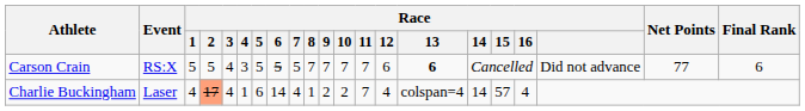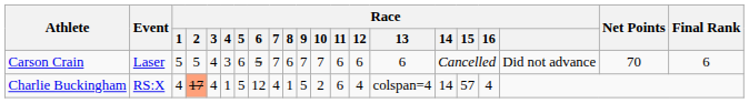 <table class="wikitable" style="font-size:90%">
 <tr>
 <th rowspan=2>Athlete</th>
 <th rowspan=2>Event</th>
 <th colspan=17>Race</th>
 <th rowspan=2>Net Points</th>
 <th rowspan=2>Final Rank</th>
 </tr>
 <tr style="font-size:95%">
 <th>1</th>
 <th>2</th>
 <th>3</th>
 <th>4</th>
 <th>5</th>
 <th>6</th>
 <th>7</th>
 <th>8</th>
 <th>9</th>
 <th>10</th>
 <th>11</th>
 <th>12</th>
 <th>13</th>
 <th>14</th>
 <th>15</th>
 <th>16</th>
 <th></th>
 </tr>
 <tr align=center>
 <td align=left><a href='#'>Carson Crain</a></td>
-<td align=left><a href='#'>RS:X</a></td>
+<td align=left><a href='#'>Laser</a></td>
 <td>5</td>
 <td>5</td>
 <td>4</td>
 <td>3</td>
-<td>5</td>
+<td>6</td>
 <td><s>5</s></td>
-<td>5</td>
 <td>7</td>
-<td>7</td>
+<td>6</td>
 <td>7</td>
 <td>7</td>
 <td>6</td>
-<td><strong>6</strong></td>
+<td>6</td>
+<td>6</td>
 <td colspan=3><em>Cancelled</em></td>
 <td>Did not advance</td>
-<td>77</td>
+<td>70</td>
 <td>6</td>
 </tr>
 <tr align=center>
 <td align=left><a href='#'>Charlie Buckingham</a></td>
-<td align=left><a href='#'>Laser</a></td>
+<td align=left><a href='#'>RS:X</a></td>
 <td>4</td>
 <td style="background: lightsalmon;"><s>17<br><small></small></s></td>
 <td>4</td>
 <td>1</td>
-<td>6</td>
-<td>14</td>
+<td>5</td>
+<td>12</td>
 <td>4</td>
 <td>1</td>
+<td>5</td>
 <td>2</td>
-<td>2</td>
-<td>7</td>
+<td>6</td>
 <td>4</td>
 <td>colspan=4 </td>
 <td>14</td>
 <td>57</td>
 <td>4</td>
 </tr>
 </table>
